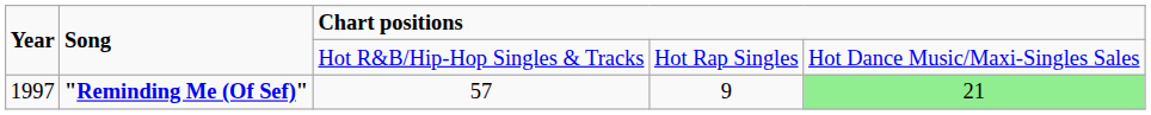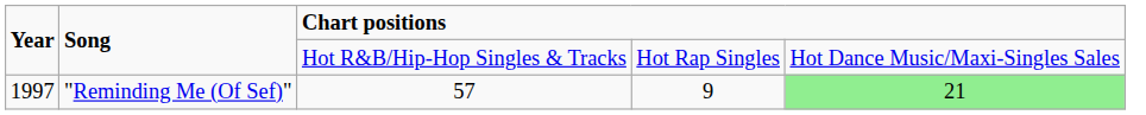 <table class="wikitable">
 <tr>
 <td rowspan="2"><strong>Year</strong></td>
 <td rowspan="2"><strong>Song</strong></td>
 <td colspan="4"><strong>Chart positions</strong></td>
 </tr>
 <tr>
 <td><a href='#'>Hot R&B/Hip-Hop Singles & Tracks</a></td>
 <td><a href='#'>Hot Rap Singles</a></td>
 <td><a href='#'>Hot Dance Music/Maxi-Singles Sales</a></td>
 </tr>
 <tr>
 <td>1997</td>
-<td><strong>"<a href='#'>Reminding Me (Of Sef)</a>"</strong></td>
+<td>"<a href='#'>Reminding Me (Of Sef)</a>"</td>
 <td style="text-align:center; vertical-align:top;">57</td>
 <td style="text-align:center; vertical-align:top;">9</td>
 <td style="background: lightgreen; text-align:center; vertical-align:top;">21</td>
 </tr>
 </table>
